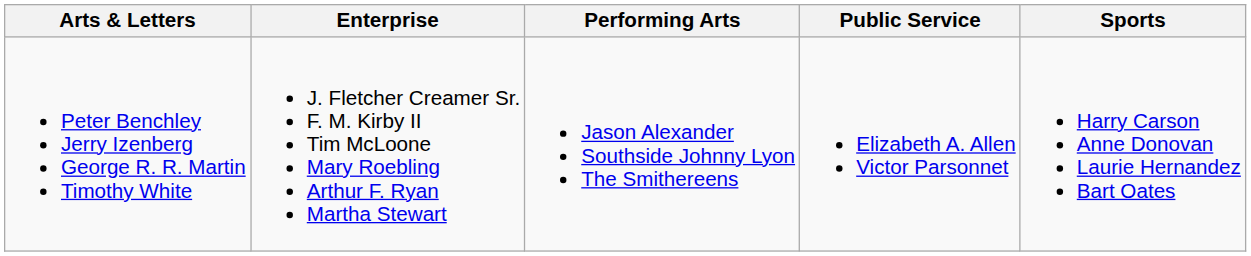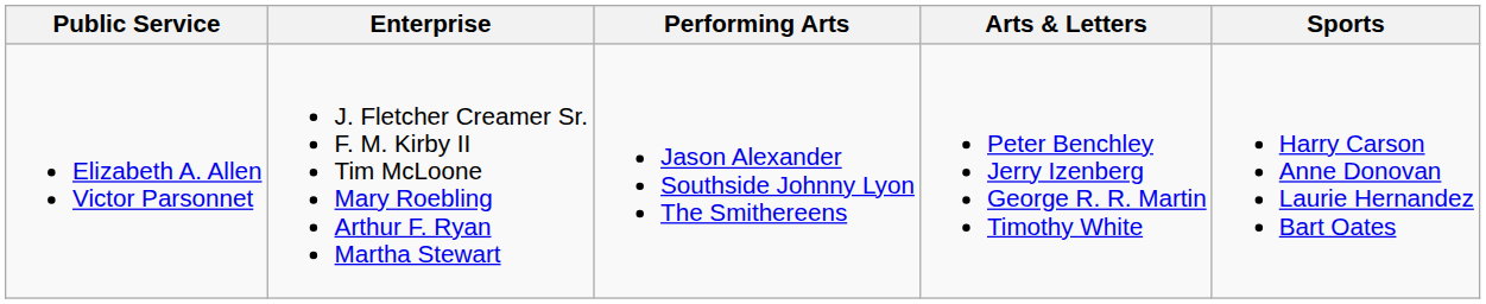 <table class="wikitable">
 <tr>
-<th>Arts & Letters</th>
+<th>Public Service</th>
 <th>Enterprise</th>
 <th>Performing Arts</th>
-<th>Public Service</th>
+<th>Arts & Letters</th>
 <th>Sports</th>
 </tr>
 <tr>
-<td><br><ul><li><a href='#'>Peter Benchley</a></li><li><a href='#'>Jerry Izenberg</a></li><li><a href='#'>George R. R. Martin</a></li><li><a href='#'>Timothy White</a></li></ul></td>
+<td><br><ul><li><a href='#'>Elizabeth A. Allen</a></li><li><a href='#'>Victor Parsonnet</a></li></ul></td>
 <td><br><ul><li>J. Fletcher Creamer Sr.</li><li>F. M. Kirby II</li><li>Tim McLoone</li><li><a href='#'>Mary Roebling</a></li><li><a href='#'>Arthur F. Ryan</a></li><li><a href='#'>Martha Stewart</a></li></ul></td>
 <td><br><ul><li><a href='#'>Jason Alexander</a></li><li><a href='#'>Southside Johnny Lyon</a></li><li><a href='#'>The Smithereens</a></li></ul></td>
-<td><br><ul><li><a href='#'>Elizabeth A. Allen</a></li><li><a href='#'>Victor Parsonnet</a></li></ul></td>
+<td><br><ul><li><a href='#'>Peter Benchley</a></li><li><a href='#'>Jerry Izenberg</a></li><li><a href='#'>George R. R. Martin</a></li><li><a href='#'>Timothy White</a></li></ul></td>
 <td><br><ul><li><a href='#'>Harry Carson</a></li><li><a href='#'>Anne Donovan</a></li><li><a href='#'>Laurie Hernandez</a></li><li><a href='#'>Bart Oates</a></li></ul></td>
 </tr>
 </table>
